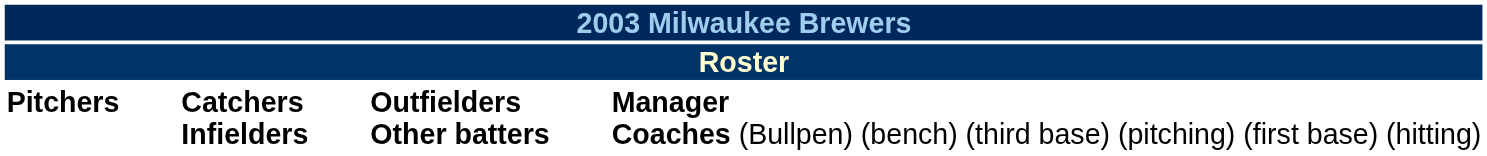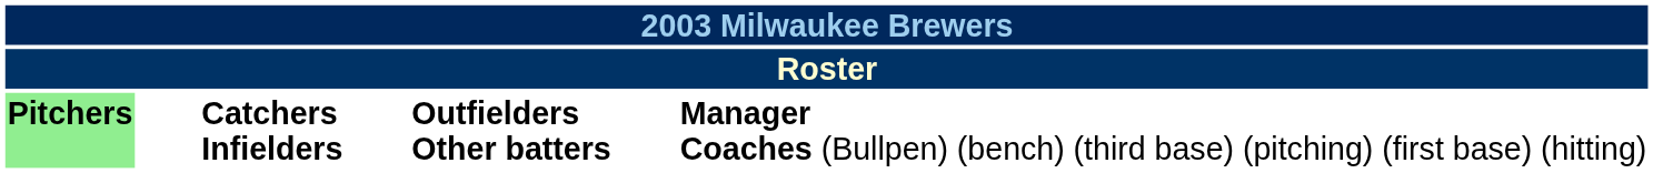 <table class="toccolours" style="font-size: 95%;">
 <tr>
 <th colspan="10" style="background-color: #00285D; color: #9ECEEE; text-align: center;">2003 Milwaukee Brewers</th>
 </tr>
 <tr>
 <td colspan="10" style="background-color: #003366; color: #FFFDD0; text-align: center;"><strong>Roster</strong></td>
 </tr>
 <tr>
-<td valign="top"><strong>Pitchers</strong><br>                      </td>
+<td valign="top" style="background: lightgreen;"><strong>Pitchers</strong><br>                      </td>
 <td width="25px"></td>
 <td valign="top"><strong>Catchers</strong><br>  <strong>Infielders</strong>        </td>
 <td width="25px"></td>
 <td valign="top"><strong>Outfielders</strong><br>       <strong>Other batters</strong>  </td>
 <td width="25px"></td>
 <td valign="top"><strong>Manager</strong><br> <strong>Coaches</strong>  (Bullpen)  (bench)  (third base)    (pitching)   (first base)  (hitting)</td>
 </tr>
 <tr>
 </tr>
 </table>
